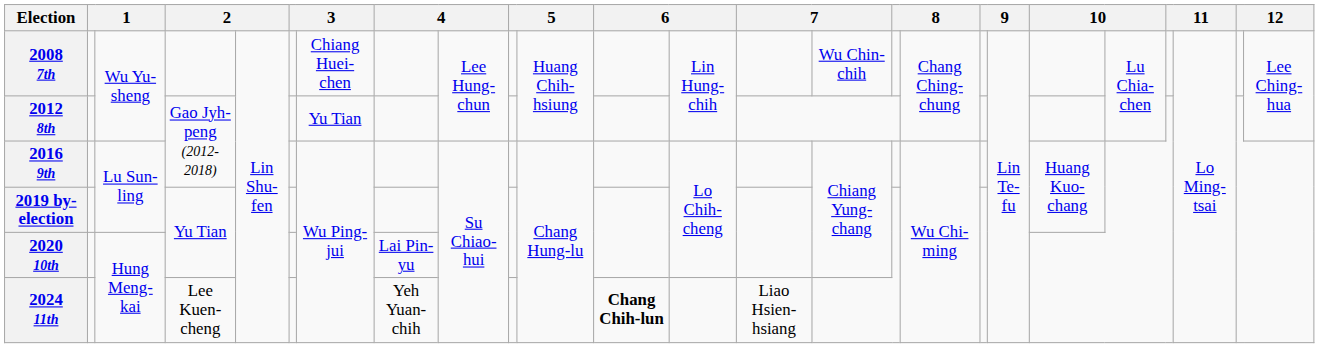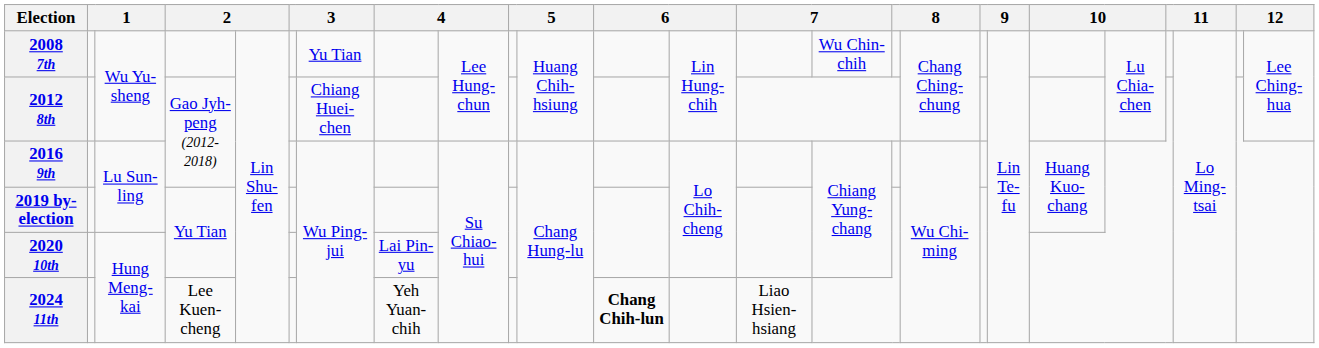 <table class="wikitable" style="text-align:center">
 <tr>
 <th>Election</th>
 <th colspan="2" width="50px">1</th>
 <th colspan="2" width="50px">2</th>
 <th colspan="2" width="50px">3</th>
 <th colspan="2" width="50px">4</th>
 <th colspan="2" width="50px">5</th>
 <th colspan="2" width="50px">6</th>
 <th colspan="2" width="50px">7</th>
 <th colspan="2" width="50px">8</th>
 <th colspan="2" width="50px">9</th>
 <th colspan="2" width="50px">10</th>
 <th colspan="2" width="50px">11</th>
 <th colspan="2" width="50px">12</th>
 </tr>
 <tr>
 <th><a href='#'>2008</a><br><small><em><a href='#'>7th</a></em></small><br></th>
 <td></td>
 <td rowspan=2><a href='#'>Wu Yu-sheng</a></td>
 <td></td>
 <td rowspan=6><a href='#'>Lin Shu-fen</a></td>
 <td></td>
-<td><a href='#'>Chiang Huei-chen</a></td>
+<td><a href='#'>Yu Tian</a></td>
 <td></td>
 <td rowspan=2><a href='#'>Lee Hung-chun</a></td>
 <td></td>
 <td rowspan=2><a href='#'>Huang Chih-hsiung</a></td>
 <td></td>
 <td rowspan=2><a href='#'>Lin Hung-chih</a></td>
 <td></td>
 <td><a href='#'>Wu Chin-chih</a></td>
 <td></td>
 <td rowspan=2><a href='#'>Chang Ching-chung</a></td>
 <td></td>
 <td rowspan=6><a href='#'>Lin Te-fu</a></td>
 <td></td>
 <td rowspan=2><a href='#'>Lu Chia-chen</a></td>
 <td></td>
 <td rowspan=6><a href='#'>Lo Ming-tsai</a></td>
 <td></td>
 <td rowspan=2><a href='#'>Lee Ching-hua</a></td>
 </tr>
 <tr>
 <th><a href='#'>2012</a><br><small><em><a href='#'>8th</a></em></small><br></th>
 <td></td>
 <td rowspan=2><a href='#'>Gao Jyh-peng</a><br><small><em>(2012-2018)</em></small><br></td>
 <td></td>
-<td><a href='#'>Yu Tian</a></td>
+<td><a href='#'>Chiang Huei-chen</a></td>
 </tr>
 <tr>
 <th><a href='#'>2016</a><br><small><em><a href='#'>9th</a></em></small><br></th>
 <td></td>
 <td rowspan=2><a href='#'>Lu Sun-ling</a></td>
 <td></td>
 <td rowspan=4><a href='#'>Wu Ping-jui</a></td>
 <td></td>
 <td rowspan=4><a href='#'>Su Chiao-hui</a></td>
 <td></td>
 <td rowspan=4><a href='#'>Chang Hung-lu</a></td>
 <td></td>
 <td rowspan=3><a href='#'>Lo Chih-cheng</a></td>
 <td></td>
 <td rowspan=3><a href='#'>Chiang Yung-chang</a></td>
 <td></td>
 <td rowspan=4><a href='#'>Wu Chi-ming</a></td>
 <td></td>
 <td rowspan=2><a href='#'>Huang Kuo-chang</a></td>
 </tr>
 <tr>
 <th><a href='#'>2019 by-election</a></th>
 <td></td>
 <td rowspan=2><a href='#'>Yu Tian</a></td>
 </tr>
 <tr>
 <th><a href='#'>2020</a><br><small><em><a href='#'>10th</a></em></small><br></th>
 <td></td>
 <td rowspan=2><a href='#'>Hung Meng-kai</a></td>
 <td></td>
 <td><a href='#'>Lai Pin-yu</a></td>
 </tr>
 <tr>
 <th><a href='#'>2024</a><br><small><em><a href='#'>11th</a></em></small><br></th>
 <td></td>
 <td>Lee Kuen-cheng</td>
 <td></td>
 <td>Yeh Yuan-chih</td>
 <td></td>
 <td><strong>Chang Chih-lun</strong></td>
 <td></td>
 <td>Liao Hsien-hsiang</td>
 </tr>
 </table>
